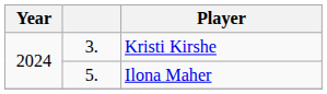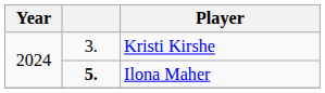 <table class="wikitable">
 <tr>
 <th width=45>Year</th>
 <th width=45></th>
 <th width=175>Player</th>
 </tr>
 <tr>
 <td align=center rowspan=2>2024</td>
 <td align=center>3.</td>
 <td><a href='#'>Kristi Kirshe</a></td>
 </tr>
 <tr>
-<td align=center>5.</td>
+<td align=center><strong>5.</strong></td>
 <td><a href='#'>Ilona Maher</a></td>
 </tr>
 <tr>
 </tr>
 </table>
